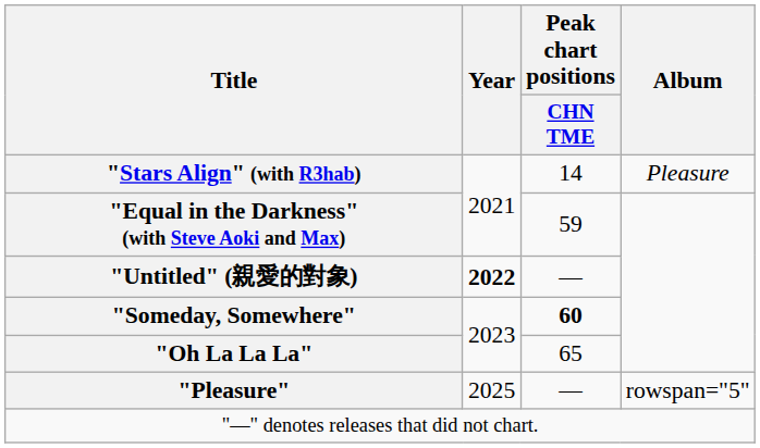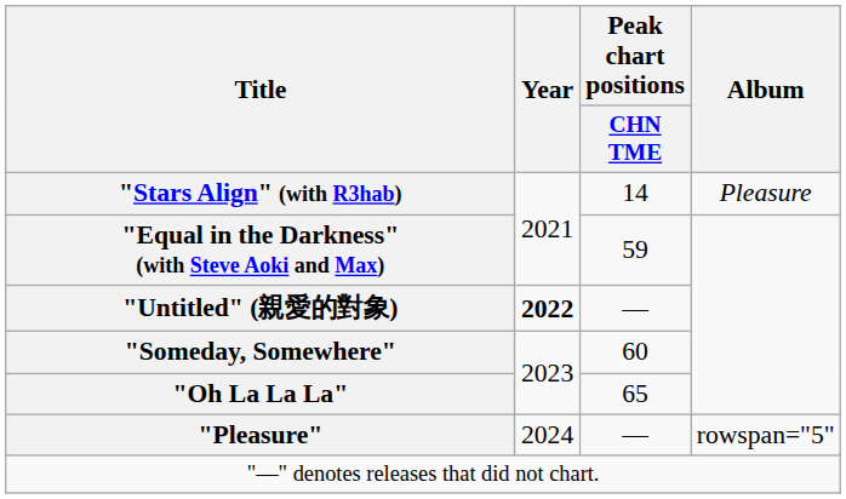 <table class="wikitable plainrowheaders" style="text-align:center;">
 <tr>
 <th rowspan="2" scope="col" style="width:19em;">Title</th>
 <th rowspan="2" scope="col">Year</th>
 <th>Peak chart positions</th>
 <th rowspan="2" scope="col">Album</th>
 </tr>
 <tr>
 <th scope="col" style="width:3em;font-size:90%;"><a href='#'>CHN</a><br><a href='#'>TME</a><br></th>
 </tr>
 <tr>
 <th scope="row">"<a href='#'>Stars Align</a>" <small>(with <a href='#'>R3hab</a>)</small></th>
 <td rowspan="2">2021</td>
 <td>14</td>
 <td><em>Pleasure</em></td>
 </tr>
 <tr>
 <th scope="row">"Equal in the Darkness"<br><small>(with <a href='#'>Steve Aoki</a> and <a href='#'>Max</a>)</small></th>
 <td>59</td>
 </tr>
 <tr>
 <th scope="row">"Untitled" (親愛的對象)</th>
 <td><strong>2022</strong></td>
 <td>—</td>
 </tr>
 <tr>
 <th scope="row">"Someday, Somewhere"</th>
 <td rowspan="2">2023</td>
-<td><strong>60</strong></td>
+<td>60</td>
 </tr>
 <tr>
 <th scope="row">"Oh La La La"</th>
 <td>65</td>
 </tr>
 <tr>
 <th scope="row">"Pleasure"</th>
-<td>2025</td>
+<td>2024</td>
 <td>—</td>
 <td>rowspan="5" </td>
 </tr>
 <tr>
 <td colspan="4" style="font-size:85%">"—" denotes releases that did not chart.</td>
 </tr>
 </table>
